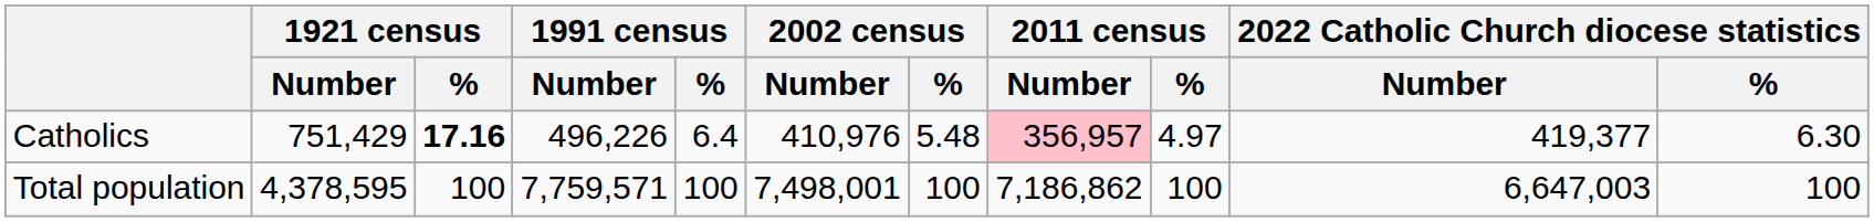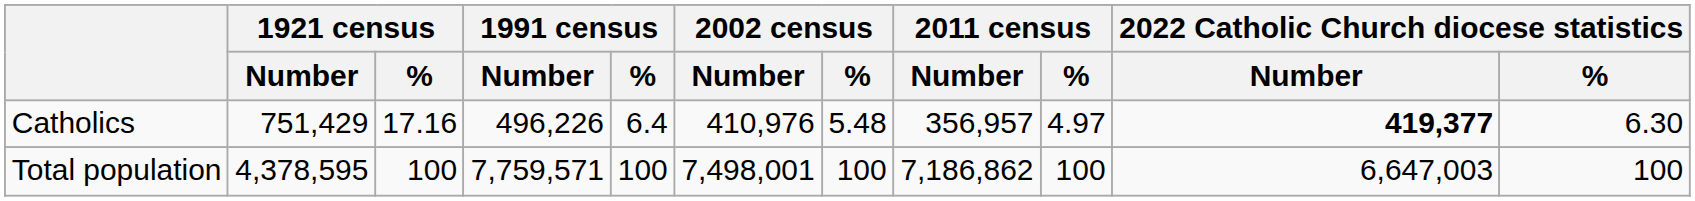 <table class="wikitable">
 <tr bgcolor="#e0e0e0">
 <th rowspan="2"></th>
 <th colspan="2">1921 census</th>
 <th colspan="2">1991 census</th>
 <th colspan="2">2002 census</th>
 <th colspan="2">2011 census</th>
 <th colspan="2">2022 Catholic Church diocese statistics</th>
 </tr>
 <tr bgcolor="#e0e0e0">
 <th>Number</th>
 <th>%</th>
 <th>Number</th>
 <th>%</th>
 <th>Number</th>
 <th>%</th>
 <th>Number</th>
 <th>%</th>
 <th>Number</th>
 <th>%</th>
 </tr>
 <tr>
 <td>Catholics</td>
 <td align="right">751,429</td>
-<td align="right"><strong>17.16</strong></td>
+<td align="right">17.16</td>
 <td align="right">496,226</td>
 <td align="right">6.4</td>
 <td align="right">410,976</td>
 <td align="right">5.48</td>
-<td align="right" style="background: pink;">356,957</td>
+<td align="right">356,957</td>
 <td align="right">4.97</td>
-<td align="right">419,377</td>
+<td align="right"><strong>419,377</strong></td>
 <td align="right">6.30</td>
 </tr>
 <tr>
 <td>Total population</td>
 <td align="right">4,378,595</td>
 <td align="right">100</td>
 <td align="right">7,759,571</td>
 <td align="right">100</td>
 <td align="right">7,498,001</td>
 <td align="right">100</td>
 <td align="right">7,186,862</td>
 <td align="right">100</td>
 <td align="right">6,647,003</td>
 <td align="right">100</td>
 </tr>
 </table>
